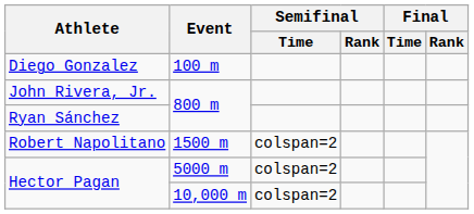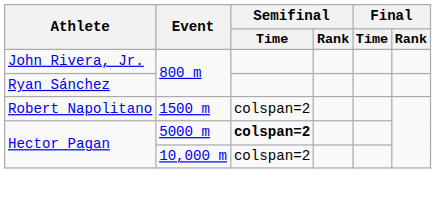 <table class=wikitable style=font-size:90%;text-align:center>
 <tr>
 <th rowspan=2>Athlete</th>
 <th rowspan=2>Event</th>
 <th colspan=2>Semifinal</th>
 <th colspan=2>Final</th>
 </tr>
 <tr style=font-size:95%>
 <th>Time</th>
 <th>Rank</th>
 <th>Time</th>
 <th>Rank</th>
-</tr>
-<tr>
-<td align=left><a href='#'>Diego Gonzalez</a></td>
-<td align=left><a href='#'>100 m</a></td>
-<td></td>
-<td></td>
-<td></td>
-<td></td>
 </tr>
 <tr>
 <td align=left><a href='#'>John Rivera, Jr.</a></td>
 <td align=left rowspan=2><a href='#'>800 m</a></td>
 <td></td>
 <td></td>
 <td></td>
 <td></td>
 </tr>
 <tr>
 <td align=left><a href='#'>Ryan Sánchez</a></td>
 <td></td>
 <td></td>
 <td></td>
 <td></td>
 </tr>
 <tr>
 <td align=left><a href='#'>Robert Napolitano</a></td>
 <td align=left><a href='#'>1500 m</a></td>
 <td>colspan=2 </td>
 <td></td>
 <td></td>
 </tr>
 <tr>
 <td align=left rowspan=2><a href='#'>Hector Pagan</a></td>
 <td align=left><a href='#'>5000 m</a></td>
-<td>colspan=2 </td>
+<td><strong>colspan=2 </strong></td>
 <td></td>
 <td></td>
 </tr>
 <tr>
 <td align=left><a href='#'>10,000 m</a></td>
 <td>colspan=2 </td>
 <td></td>
 <td></td>
 </tr>
 </table>
